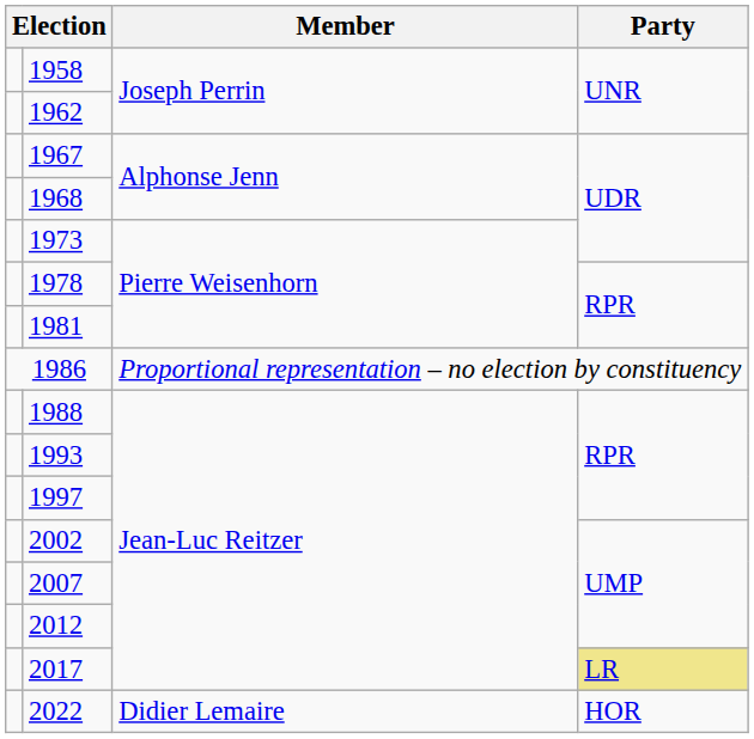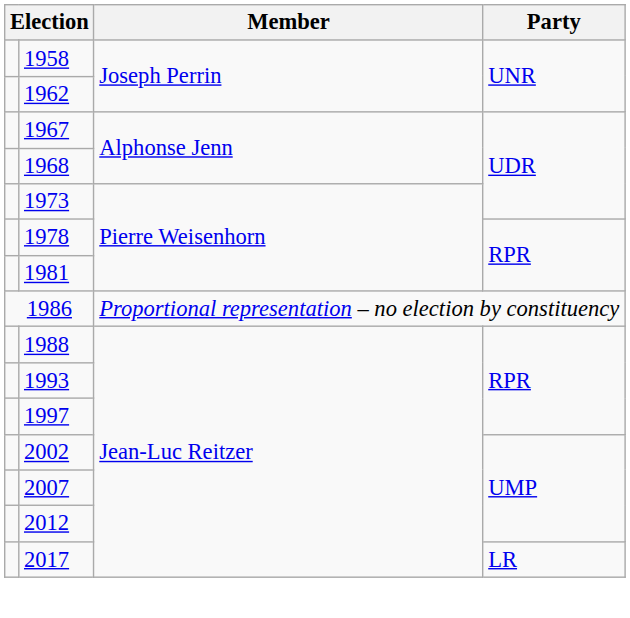 <table class="wikitable">
 <tr>
 <th colspan="2">Election</th>
 <th>Member</th>
 <th>Party</th>
 </tr>
 <tr>
 <td style="background-color: "></td>
 <td><a href='#'>1958</a></td>
 <td rowspan="2"><a href='#'>Joseph Perrin</a></td>
 <td rowspan="2"><a href='#'>UNR</a></td>
 </tr>
 <tr>
 <td style="background-color: "></td>
 <td><a href='#'>1962</a></td>
 </tr>
 <tr>
 <td style="background-color: "></td>
 <td><a href='#'>1967</a></td>
 <td rowspan="2"><a href='#'>Alphonse Jenn</a></td>
 <td rowspan="3"><a href='#'>UDR</a></td>
 </tr>
 <tr>
 <td style="background-color: "></td>
 <td><a href='#'>1968</a></td>
 </tr>
 <tr>
 <td style="background-color: "></td>
 <td><a href='#'>1973</a></td>
 <td rowspan="3"><a href='#'>Pierre Weisenhorn</a></td>
 </tr>
 <tr>
 <td style="background-color: "></td>
 <td><a href='#'>1978</a></td>
 <td rowspan="2"><a href='#'>RPR</a></td>
 </tr>
 <tr>
 <td style="background-color: "></td>
 <td><a href='#'>1981</a></td>
 </tr>
 <tr>
 <td colspan="2" align="center"><a href='#'>1986</a></td>
 <td colspan="2"><em><a href='#'>Proportional representation</a> – no election by constituency</em></td>
 </tr>
 <tr>
 <td style="background-color: "></td>
 <td><a href='#'>1988</a></td>
 <td rowspan="7"><a href='#'>Jean-Luc Reitzer</a></td>
 <td rowspan="3"><a href='#'>RPR</a></td>
 </tr>
 <tr>
 <td style="background-color: "></td>
 <td><a href='#'>1993</a></td>
 </tr>
 <tr>
 <td style="background-color: "></td>
 <td><a href='#'>1997</a></td>
 </tr>
 <tr>
 <td style="background-color: "></td>
 <td><a href='#'>2002</a></td>
 <td rowspan="3"><a href='#'>UMP</a></td>
 </tr>
 <tr>
 <td style="background-color: "></td>
 <td><a href='#'>2007</a></td>
 </tr>
 <tr>
 <td style="background-color: "></td>
 <td><a href='#'>2012</a></td>
 </tr>
 <tr>
 <td style="background-color: "></td>
 <td><a href='#'>2017</a></td>
-<td style="background: khaki;"><a href='#'>LR</a></td>
-</tr>
-<tr>
-<td style="background-color: "></td>
-<td><a href='#'>2022</a></td>
-<td><a href='#'>Didier Lemaire</a></td>
-<td><a href='#'>HOR</a></td>
+<td><a href='#'>LR</a></td>
 </tr>
 </table>
